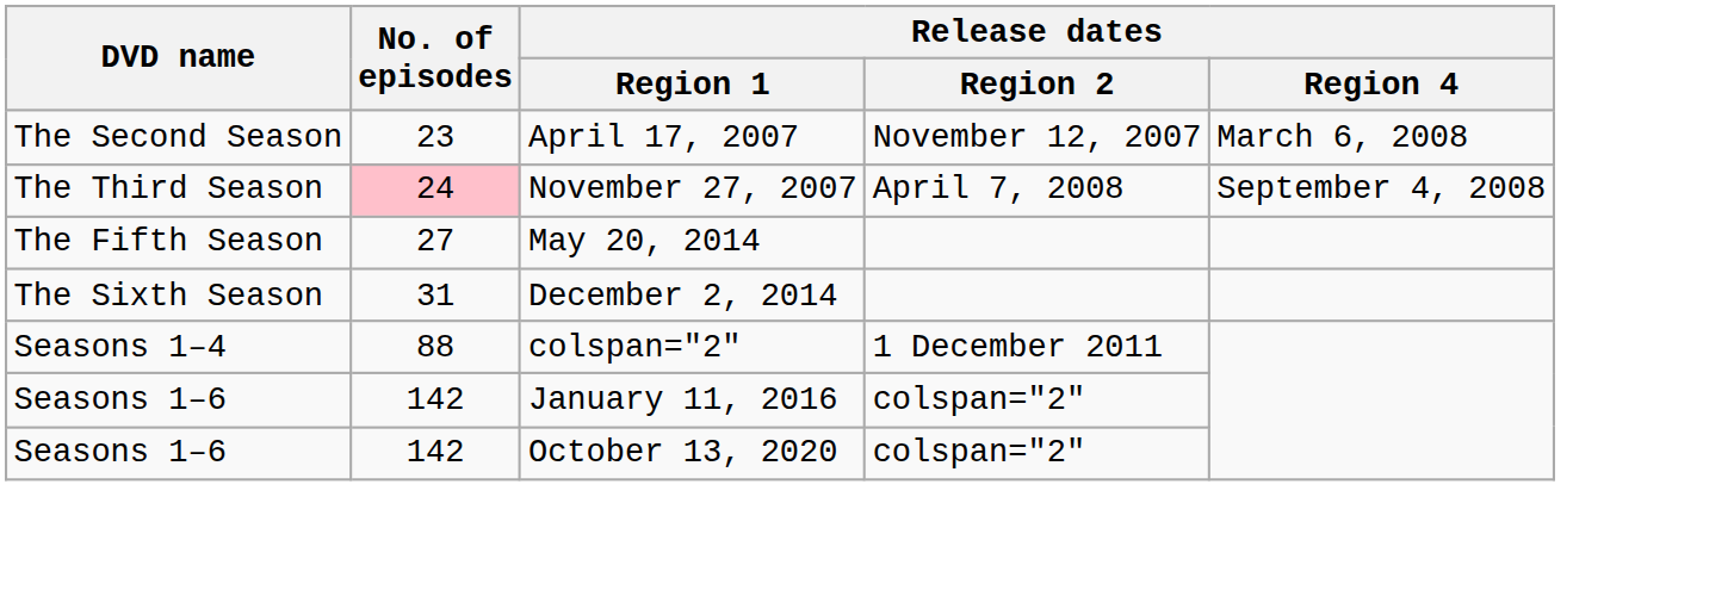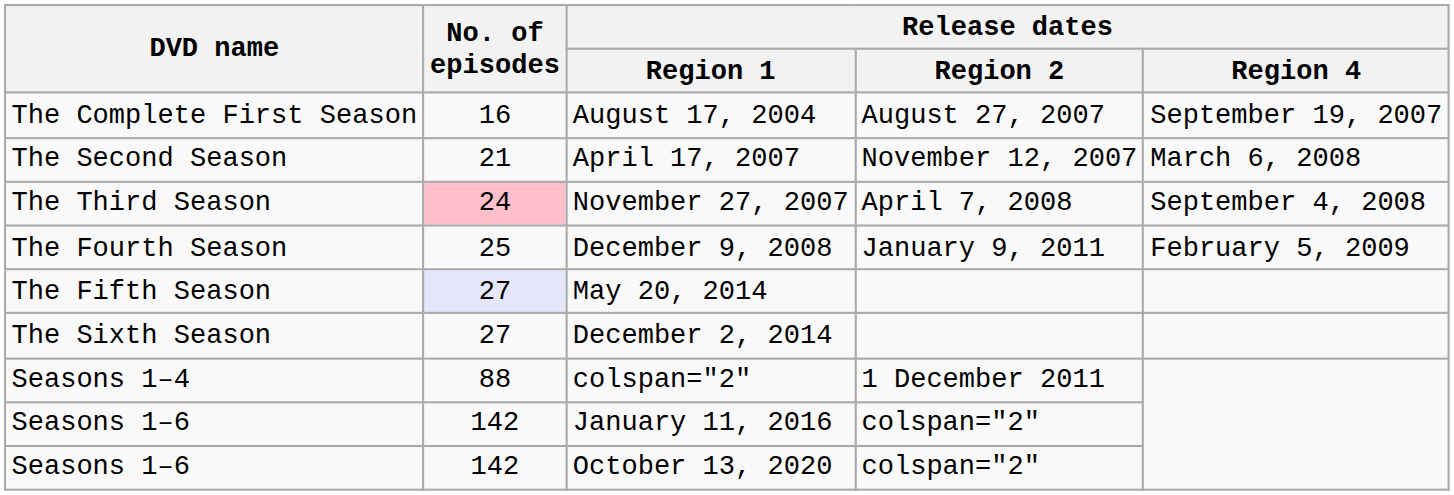 <table class="wikitable">
 <tr>
 <th rowspan="2">DVD name</th>
 <th rowspan="2">No. of<br>episodes</th>
 <th colspan="3">Release dates</th>
 </tr>
 <tr>
 <th>Region 1</th>
 <th>Region 2</th>
 <th>Region 4</th>
 </tr>
 <tr>
+<td>The Complete First Season</td>
+<td style="text-align:center;">16</td>
+<td>August 17, 2004</td>
+<td>August 27, 2007</td>
+<td>September 19, 2007</td>
+</tr>
+<tr>
 <td>The Second Season</td>
-<td style="text-align:center;">23</td>
+<td style="text-align:center;">21</td>
 <td>April 17, 2007</td>
 <td>November 12, 2007</td>
 <td>March 6, 2008</td>
 </tr>
 <tr>
 <td>The Third Season</td>
 <td style="background: pink; text-align:center;">24</td>
 <td>November 27, 2007</td>
 <td>April 7, 2008</td>
 <td>September 4, 2008</td>
 </tr>
 <tr>
+<td>The Fourth Season</td>
+<td style="text-align:center;">25</td>
+<td>December 9, 2008</td>
+<td>January 9, 2011</td>
+<td>February 5, 2009</td>
+</tr>
+<tr>
 <td>The Fifth Season</td>
-<td style="text-align:center;">27</td>
+<td style="background: lavender; text-align:center;">27</td>
 <td>May 20, 2014</td>
 <td></td>
 <td></td>
 </tr>
 <tr>
 <td>The Sixth Season</td>
-<td style="text-align:center;">31</td>
+<td style="text-align:center;">27</td>
 <td>December 2, 2014</td>
 <td></td>
 <td></td>
 </tr>
 <tr>
 <td>Seasons 1–4</td>
 <td align="center">88</td>
 <td>colspan="2" </td>
 <td>1 December 2011</td>
 </tr>
 <tr>
 <td>Seasons 1–6</td>
 <td align="center">142</td>
 <td>January 11, 2016</td>
 <td>colspan="2" </td>
 </tr>
 <tr>
 <td>Seasons 1–6 </td>
 <td align="center">142</td>
 <td>October 13, 2020</td>
 <td>colspan="2" </td>
 </tr>
 </table>
